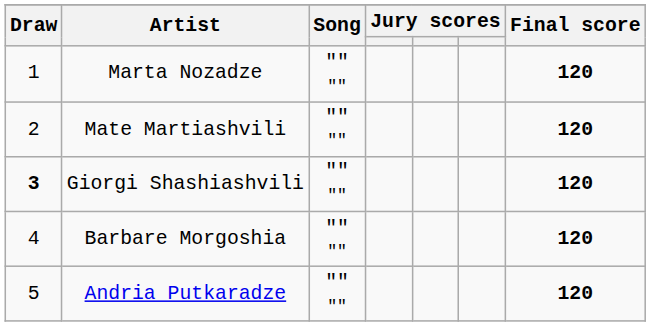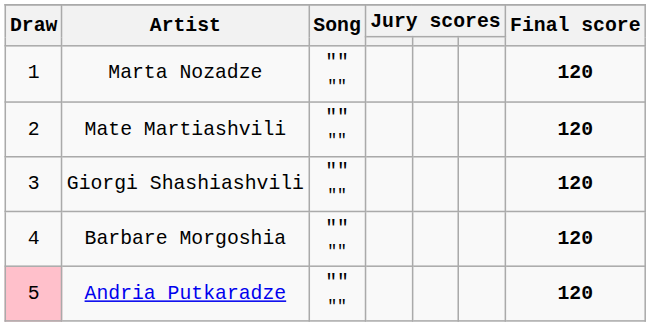 <table class="sortable wikitable" style="text-align:center;margin:1em auto 1em auto">
 <tr>
 </tr>
 <tr>
 <th rowspan=2>Draw</th>
 <th rowspan=2>Artist</th>
 <th rowspan=2>Song</th>
 <th colspan="3">Jury scores</th>
 <th rowspan=2>Final score</th>
 </tr>
 <tr>
 <th><small></small></th>
 <th><small></small></th>
 <th><small></small></th>
 </tr>
 <tr>
 <td>1</td>
 <td>Marta Nozadze</td>
 <td>""<br><small>""</small></td>
 <td colspan="1"></td>
 <td colspan="1"></td>
 <td colspan="1"></td>
 <td><strong>120</strong></td>
 </tr>
 <tr>
 <td>2</td>
 <td>Mate Martiashvili</td>
 <td>""<br><small>""</small></td>
 <td colspan="1"></td>
 <td colspan="1"></td>
 <td colspan="1"></td>
 <td><strong>120</strong></td>
 </tr>
 <tr>
-<td><strong>3</strong></td>
+<td>3</td>
 <td>Giorgi Shashiashvili</td>
 <td>""<br><small>""</small></td>
 <td colspan="1"></td>
 <td colspan="1"></td>
 <td colspan="1"></td>
 <td><strong>120</strong></td>
 </tr>
 <tr>
 <td>4</td>
 <td>Barbare Morgoshia</td>
 <td>""<br><small>""</small></td>
 <td colspan="1"></td>
 <td colspan="1"></td>
 <td colspan="1"></td>
 <td><strong>120</strong></td>
 </tr>
 <tr>
-<td>5</td>
+<td style="background: pink;">5</td>
 <td><a href='#'>Andria Putkaradze</a></td>
 <td>""<br><small>""</small></td>
 <td colspan="1"></td>
 <td colspan="1"></td>
 <td colspan="1"></td>
 <td><strong>120</strong></td>
 </tr>
 </table>
